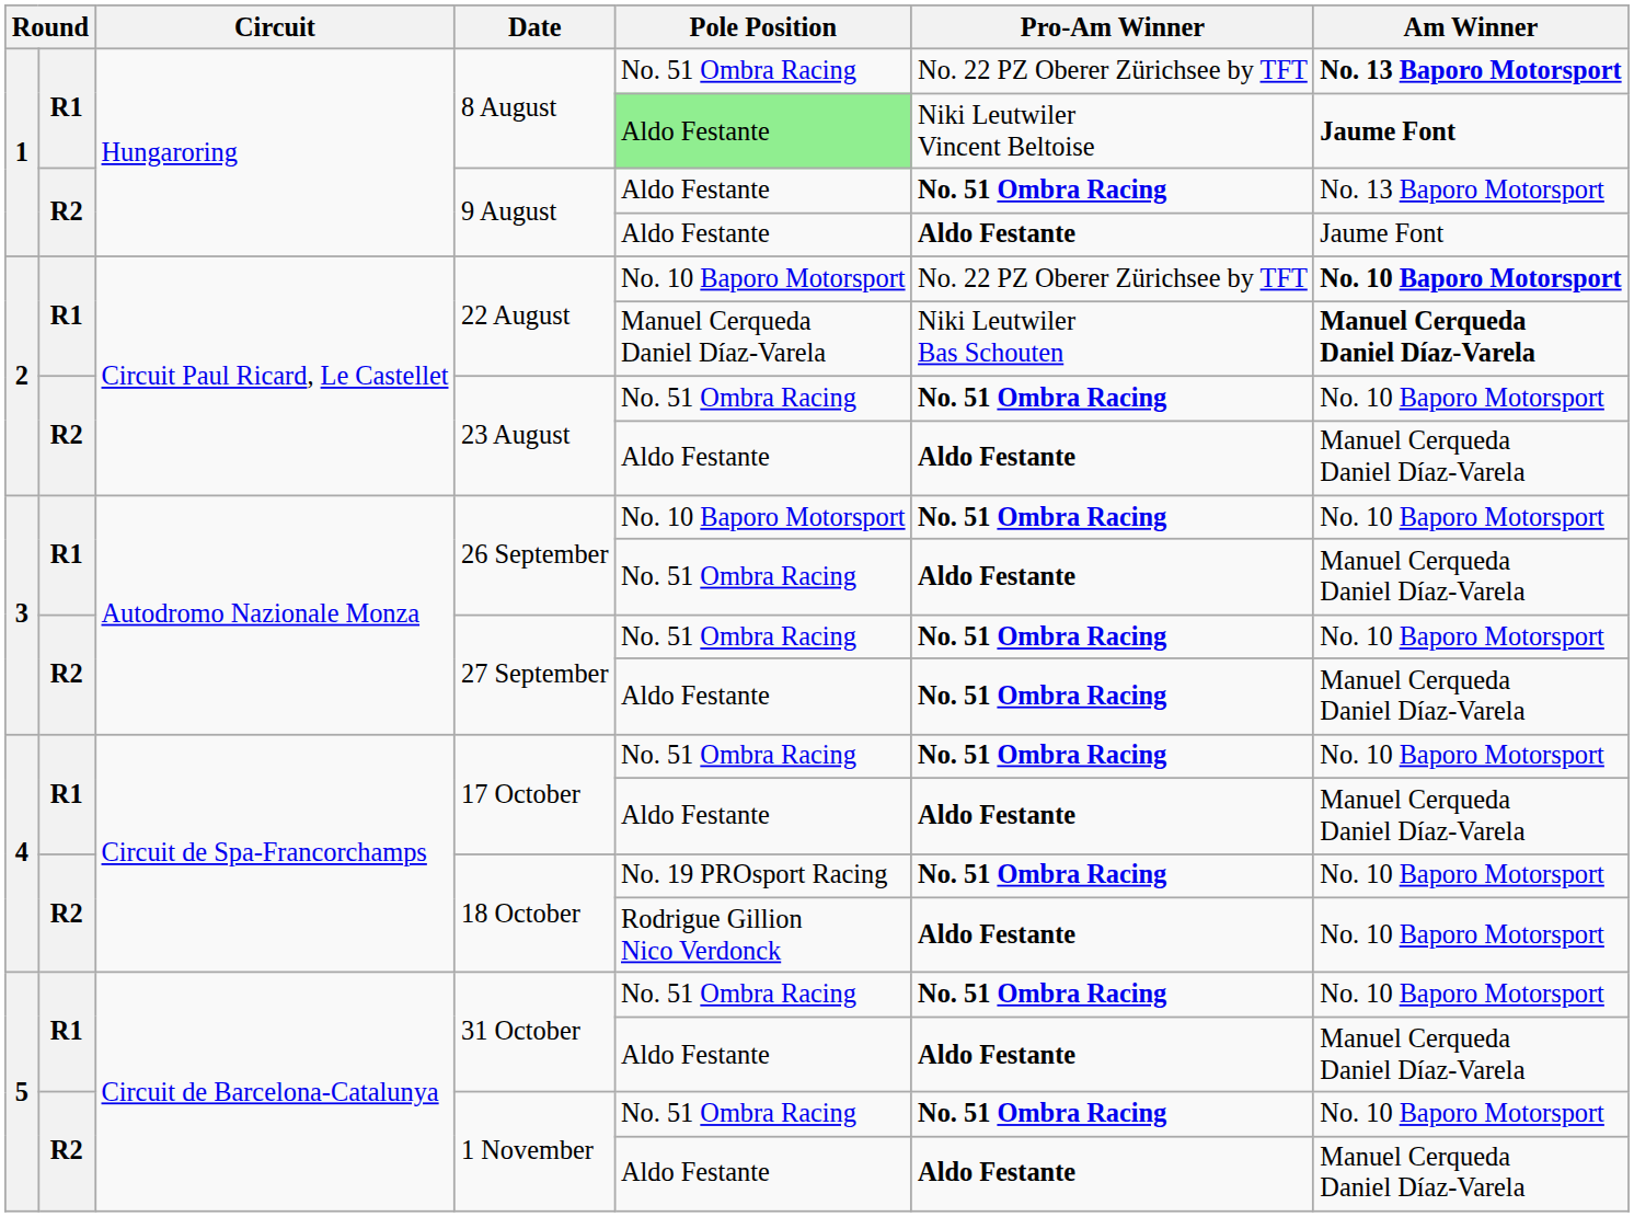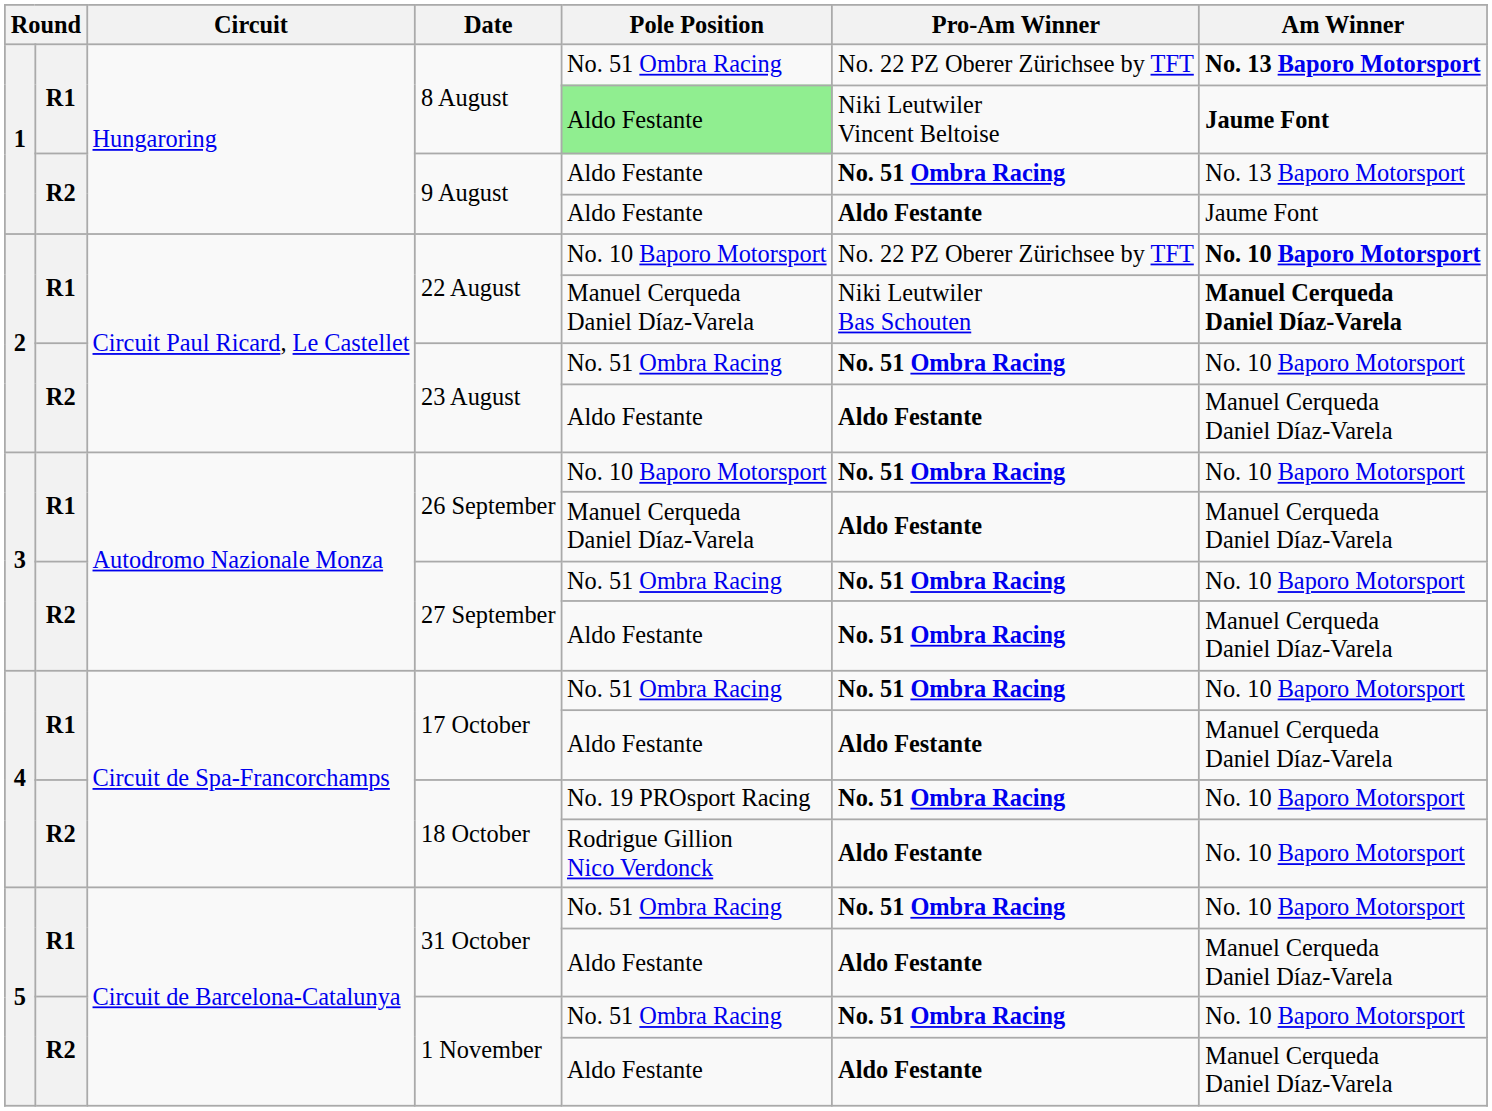 <table class="wikitable" style="font-size: 85%;">
 <tr>
 <th colspan=2>Round</th>
 <th>Circuit</th>
 <th>Date</th>
 <th>Pole Position</th>
 <th>Pro-Am Winner</th>
 <th>Am Winner</th>
 </tr>
 <tr>
 <th rowspan="4">1</th>
 <th rowspan="2">R1</th>
 <td rowspan="4"> <a href='#'>Hungaroring</a></td>
 <td rowspan="2">8 August</td>
 <td> No. 51 <a href='#'>Ombra Racing</a></td>
 <td> No. 22 PZ Oberer Zürichsee by <a href='#'>TFT</a></td>
 <td><strong> No. 13 <a href='#'>Baporo Motorsport</a></strong></td>
 </tr>
 <tr>
 <td style="background: lightgreen;"> Aldo Festante</td>
 <td> Niki Leutwiler<br> Vincent Beltoise</td>
 <td><strong> Jaume Font</strong></td>
 </tr>
 <tr>
 <th rowspan=2>R2</th>
 <td rowspan=2>9 August</td>
 <td> Aldo Festante</td>
 <td><strong> No. 51 <a href='#'>Ombra Racing</a></strong></td>
 <td> No. 13 <a href='#'>Baporo Motorsport</a></td>
 </tr>
 <tr>
 <td> Aldo Festante</td>
 <td><strong> Aldo Festante</strong></td>
 <td> Jaume Font</td>
 </tr>
 <tr>
 <th rowspan="4">2</th>
 <th rowspan="2">R1</th>
 <td rowspan="4"> <a href='#'>Circuit Paul Ricard</a>, <a href='#'>Le Castellet</a></td>
 <td rowspan="2">22 August</td>
 <td> No. 10 <a href='#'>Baporo Motorsport</a></td>
 <td> No. 22 PZ Oberer Zürichsee by <a href='#'>TFT</a></td>
 <td><strong> No. 10 <a href='#'>Baporo Motorsport</a></strong></td>
 </tr>
 <tr>
 <td> Manuel Cerqueda<br> Daniel Díaz-Varela</td>
 <td> Niki Leutwiler<br> <a href='#'>Bas Schouten</a></td>
 <td><strong> Manuel Cerqueda<br> Daniel Díaz-Varela</strong></td>
 </tr>
 <tr>
 <th rowspan="2">R2</th>
 <td rowspan="2">23 August</td>
 <td> No. 51 <a href='#'>Ombra Racing</a></td>
 <td><strong> No. 51 <a href='#'>Ombra Racing</a></strong></td>
 <td> No. 10 <a href='#'>Baporo Motorsport</a></td>
 </tr>
 <tr>
 <td> Aldo Festante</td>
 <td><strong> Aldo Festante</strong></td>
 <td> Manuel Cerqueda<br> Daniel Díaz-Varela</td>
 </tr>
 <tr>
 <th rowspan="4">3</th>
 <th rowspan="2">R1</th>
 <td rowspan="4"> <a href='#'>Autodromo Nazionale Monza</a></td>
 <td rowspan="2">26 September</td>
 <td> No. 10 <a href='#'>Baporo Motorsport</a></td>
 <td><strong> No. 51 <a href='#'>Ombra Racing</a></strong></td>
 <td> No. 10 <a href='#'>Baporo Motorsport</a></td>
 </tr>
 <tr>
-<td> No. 51 <a href='#'>Ombra Racing</a></td>
+<td> Manuel Cerqueda<br> Daniel Díaz-Varela</td>
 <td><strong> Aldo Festante</strong></td>
 <td> Manuel Cerqueda<br> Daniel Díaz-Varela</td>
 </tr>
 <tr>
 <th rowspan=2>R2</th>
 <td rowspan=2>27 September</td>
 <td> No. 51 <a href='#'>Ombra Racing</a></td>
 <td><strong> No. 51 <a href='#'>Ombra Racing</a></strong></td>
 <td> No. 10 <a href='#'>Baporo Motorsport</a></td>
 </tr>
 <tr>
 <td> Aldo Festante</td>
 <td><strong> No. 51 <a href='#'>Ombra Racing</a></strong></td>
 <td> Manuel Cerqueda<br> Daniel Díaz-Varela</td>
 </tr>
 <tr>
 <th rowspan="4">4</th>
 <th rowspan="2">R1</th>
 <td rowspan="4"> <a href='#'>Circuit de Spa-Francorchamps</a></td>
 <td rowspan="2">17 October</td>
 <td> No. 51 <a href='#'>Ombra Racing</a></td>
 <td><strong> No. 51 <a href='#'>Ombra Racing</a></strong></td>
 <td> No. 10 <a href='#'>Baporo Motorsport</a></td>
 </tr>
 <tr>
 <td> Aldo Festante</td>
 <td><strong> Aldo Festante</strong></td>
 <td> Manuel Cerqueda<br> Daniel Díaz-Varela</td>
 </tr>
 <tr>
 <th rowspan="2">R2</th>
 <td rowspan="2">18 October</td>
 <td> No. 19 PROsport Racing</td>
 <td><strong> No. 51 <a href='#'>Ombra Racing</a></strong></td>
 <td> No. 10 <a href='#'>Baporo Motorsport</a></td>
 </tr>
 <tr>
 <td> Rodrigue Gillion<br> <a href='#'>Nico Verdonck</a></td>
 <td><strong> Aldo Festante</strong></td>
 <td> No. 10 <a href='#'>Baporo Motorsport</a></td>
 </tr>
 <tr>
 <th rowspan="4">5</th>
 <th rowspan="2">R1</th>
 <td rowspan="4"> <a href='#'>Circuit de Barcelona-Catalunya</a></td>
 <td rowspan="2">31 October</td>
 <td> No. 51 <a href='#'>Ombra Racing</a></td>
 <td><strong> No. 51 <a href='#'>Ombra Racing</a></strong></td>
 <td> No. 10 <a href='#'>Baporo Motorsport</a></td>
 </tr>
 <tr>
 <td> Aldo Festante</td>
 <td><strong> Aldo Festante</strong></td>
 <td> Manuel Cerqueda<br> Daniel Díaz-Varela</td>
 </tr>
 <tr>
 <th rowspan=2>R2</th>
 <td rowspan=2>1 November</td>
 <td> No. 51 <a href='#'>Ombra Racing</a></td>
 <td><strong> No. 51 <a href='#'>Ombra Racing</a></strong></td>
 <td> No. 10 <a href='#'>Baporo Motorsport</a></td>
 </tr>
 <tr>
 <td> Aldo Festante</td>
 <td><strong> Aldo Festante</strong></td>
 <td> Manuel Cerqueda<br> Daniel Díaz-Varela</td>
 </tr>
 </table>
